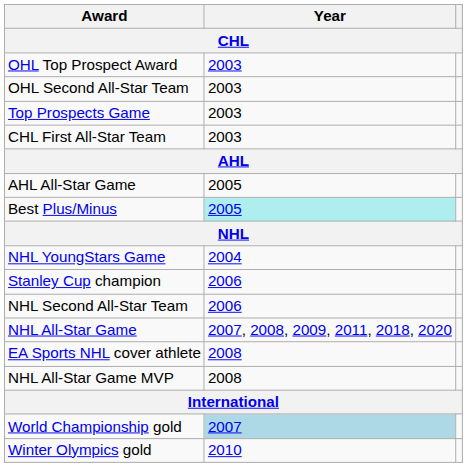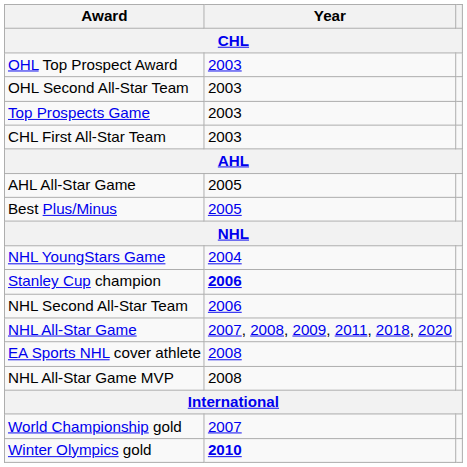 <table class="wikitable">
 <tr>
 <th>Award</th>
 <th>Year</th>
 <th></th>
 </tr>
 <tr>
 <th colspan="3"><a href='#'>CHL</a></th>
 </tr>
 <tr>
 <td><a href='#'>OHL</a> Top Prospect Award</td>
 <td><a href='#'>2003</a></td>
 <td></td>
 </tr>
 <tr>
 <td>OHL Second All-Star Team</td>
 <td>2003</td>
 <td></td>
 </tr>
 <tr>
 <td><a href='#'>Top Prospects Game</a></td>
 <td>2003</td>
 <td></td>
 </tr>
 <tr>
 <td>CHL First All-Star Team</td>
 <td>2003</td>
 <td></td>
 </tr>
 <tr>
 <th colspan="3"><a href='#'>AHL</a></th>
 </tr>
 <tr>
 <td>AHL All-Star Game</td>
 <td>2005</td>
 <td></td>
 </tr>
 <tr>
 <td>Best <a href='#'>Plus/Minus</a></td>
-<td style="background: paleturquoise;"><a href='#'>2005</a></td>
+<td><a href='#'>2005</a></td>
 <td></td>
 </tr>
 <tr>
 <th colspan="3"><a href='#'>NHL</a></th>
 </tr>
 <tr>
 <td><a href='#'>NHL YoungStars Game</a></td>
 <td><a href='#'>2004</a></td>
 <td></td>
 </tr>
 <tr>
 <td><a href='#'>Stanley Cup</a> champion</td>
-<td><a href='#'>2006</a></td>
+<td><strong><a href='#'>2006</a></strong></td>
 <td></td>
 </tr>
 <tr>
 <td>NHL Second All-Star Team</td>
 <td><a href='#'>2006</a></td>
 <td></td>
 </tr>
 <tr>
 <td><a href='#'>NHL All-Star Game</a></td>
 <td><a href='#'>2007</a>, <a href='#'>2008</a>, <a href='#'>2009</a>, <a href='#'>2011</a>, <a href='#'>2018</a>, <a href='#'>2020</a></td>
 <td></td>
 </tr>
 <tr>
 <td><a href='#'>EA Sports NHL</a> cover athlete</td>
 <td><a href='#'>2008</a></td>
 <td></td>
 </tr>
 <tr>
 <td>NHL All-Star Game MVP</td>
 <td>2008</td>
 <td></td>
 </tr>
 <tr>
 <th colspan="3"><a href='#'>International</a></th>
 </tr>
 <tr>
 <td><a href='#'>World Championship</a> gold</td>
-<td style="background: lightblue;"><a href='#'>2007</a></td>
+<td><a href='#'>2007</a></td>
 <td></td>
 </tr>
 <tr>
 <td><a href='#'>Winter Olympics</a> gold</td>
-<td><a href='#'>2010</a></td>
+<td><strong><a href='#'>2010</a></strong></td>
 <td></td>
 </tr>
 </table>
